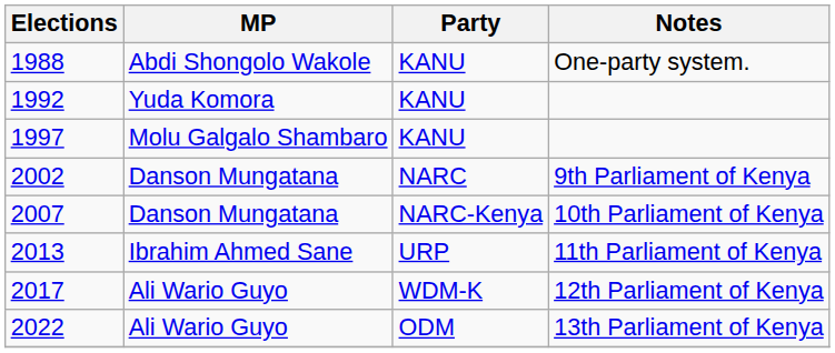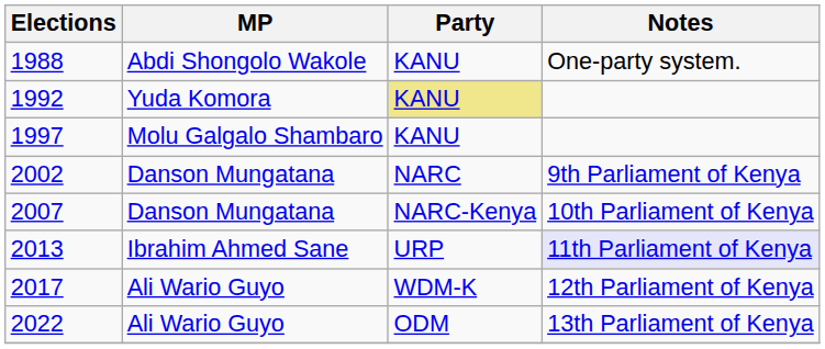 <table class="wikitable">
 <tr>
 <th>Elections</th>
 <th>MP </th>
 <th>Party</th>
 <th>Notes</th>
 </tr>
 <tr>
 <td><a href='#'>1988</a></td>
 <td><a href='#'>Abdi Shongolo Wakole</a></td>
 <td><a href='#'>KANU</a></td>
 <td>One-party system.</td>
 </tr>
 <tr>
 <td><a href='#'>1992</a></td>
 <td><a href='#'>Yuda Komora</a></td>
-<td><a href='#'>KANU</a></td>
+<td style="background: khaki;"><a href='#'>KANU</a></td>
 <td></td>
 </tr>
 <tr>
 <td><a href='#'>1997</a></td>
 <td><a href='#'>Molu Galgalo Shambaro</a></td>
 <td><a href='#'>KANU</a></td>
 <td></td>
 </tr>
 <tr>
 <td><a href='#'>2002</a></td>
 <td><a href='#'>Danson Mungatana</a></td>
 <td><a href='#'>NARC</a></td>
 <td><a href='#'>9th Parliament of Kenya</a></td>
 </tr>
 <tr>
 <td><a href='#'>2007</a></td>
 <td><a href='#'>Danson Mungatana</a></td>
 <td><a href='#'>NARC-Kenya</a></td>
 <td><a href='#'>10th Parliament of Kenya</a></td>
 </tr>
 <tr>
 <td><a href='#'>2013</a></td>
 <td><a href='#'>Ibrahim Ahmed Sane</a></td>
 <td><a href='#'>URP</a></td>
-<td><a href='#'>11th Parliament of Kenya</a></td>
+<td style="background: lavender;"><a href='#'>11th Parliament of Kenya</a></td>
 </tr>
 <tr>
 <td><a href='#'>2017</a></td>
 <td><a href='#'>Ali Wario Guyo</a></td>
 <td><a href='#'>WDM-K</a></td>
 <td><a href='#'>12th Parliament of Kenya</a></td>
 </tr>
 <tr>
 <td><a href='#'>2022</a></td>
 <td><a href='#'>Ali Wario Guyo</a></td>
 <td><a href='#'>ODM</a></td>
 <td><a href='#'>13th Parliament of Kenya</a></td>
 </tr>
 <tr>
 </tr>
 </table>
